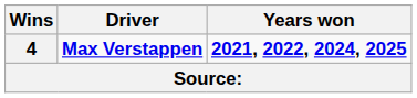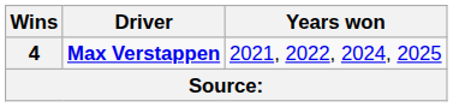 <table class="wikitable" style="font-size: 95%;">
 <tr>
 <th>Wins</th>
 <th>Driver</th>
 <th>Years won</th>
 </tr>
 <tr>
 <th>4</th>
 <td><strong> <a href='#'>Max Verstappen</a></strong></td>
-<td><strong><a href='#'>2021</a>, <a href='#'>2022</a>, <a href='#'>2024</a>, <a href='#'>2025</a></strong></td>
+<td><a href='#'>2021</a>, <a href='#'>2022</a>, <a href='#'>2024</a>, <a href='#'>2025</a></td>
 </tr>
 <tr>
 <th colspan=4>Source:</th>
 </tr>
 </table>
